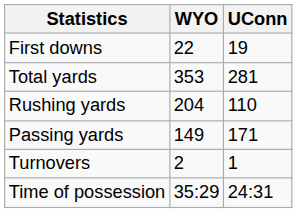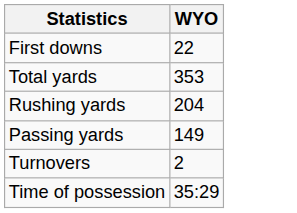 <table class="wikitable">
 <tr>
 <th>Statistics</th>
 <th>WYO</th>
-<th>UConn</th>
 </tr>
 <tr>
 <td>First downs</td>
 <td>22</td>
-<td>19</td>
 </tr>
 <tr>
 <td>Total yards</td>
 <td>353</td>
-<td>281</td>
 </tr>
 <tr>
 <td>Rushing yards</td>
 <td>204</td>
-<td>110</td>
 </tr>
 <tr>
 <td>Passing yards</td>
 <td>149</td>
-<td>171</td>
 </tr>
 <tr>
 <td>Turnovers</td>
 <td>2</td>
-<td>1</td>
 </tr>
 <tr>
 <td>Time of possession</td>
 <td>35:29</td>
-<td>24:31</td>
 </tr>
 </table>
